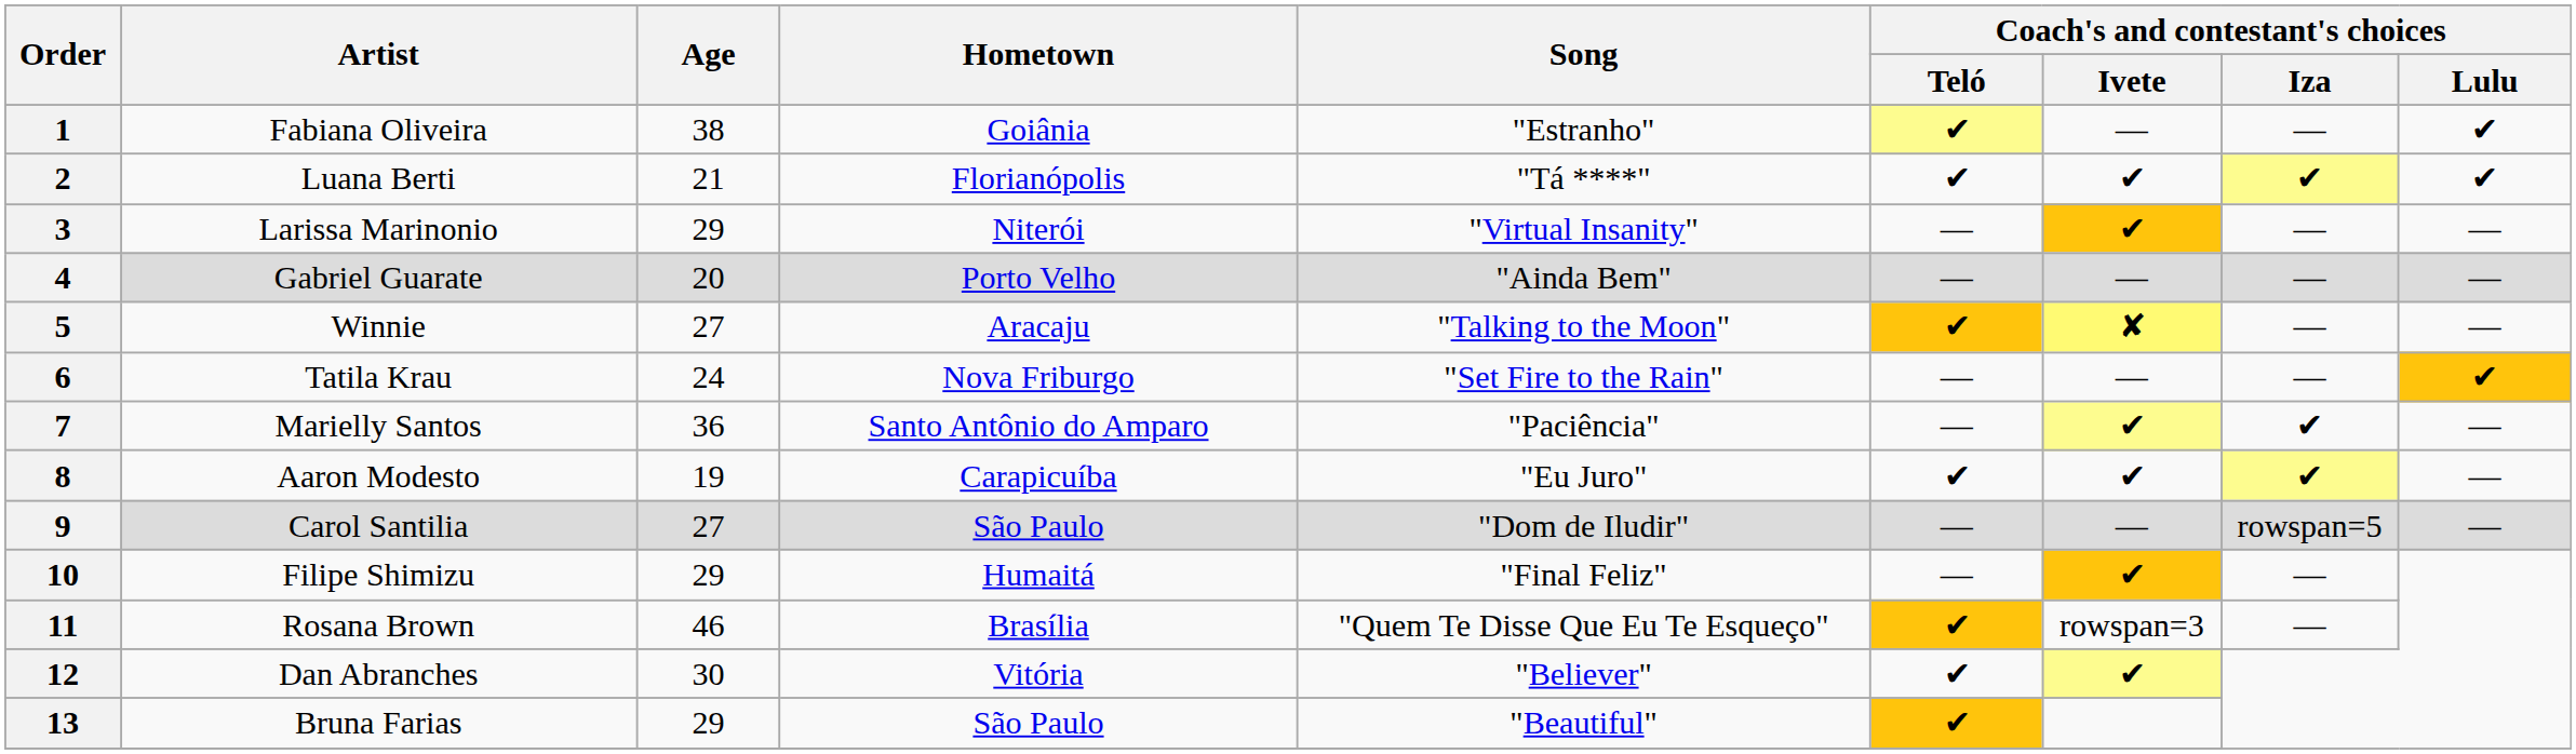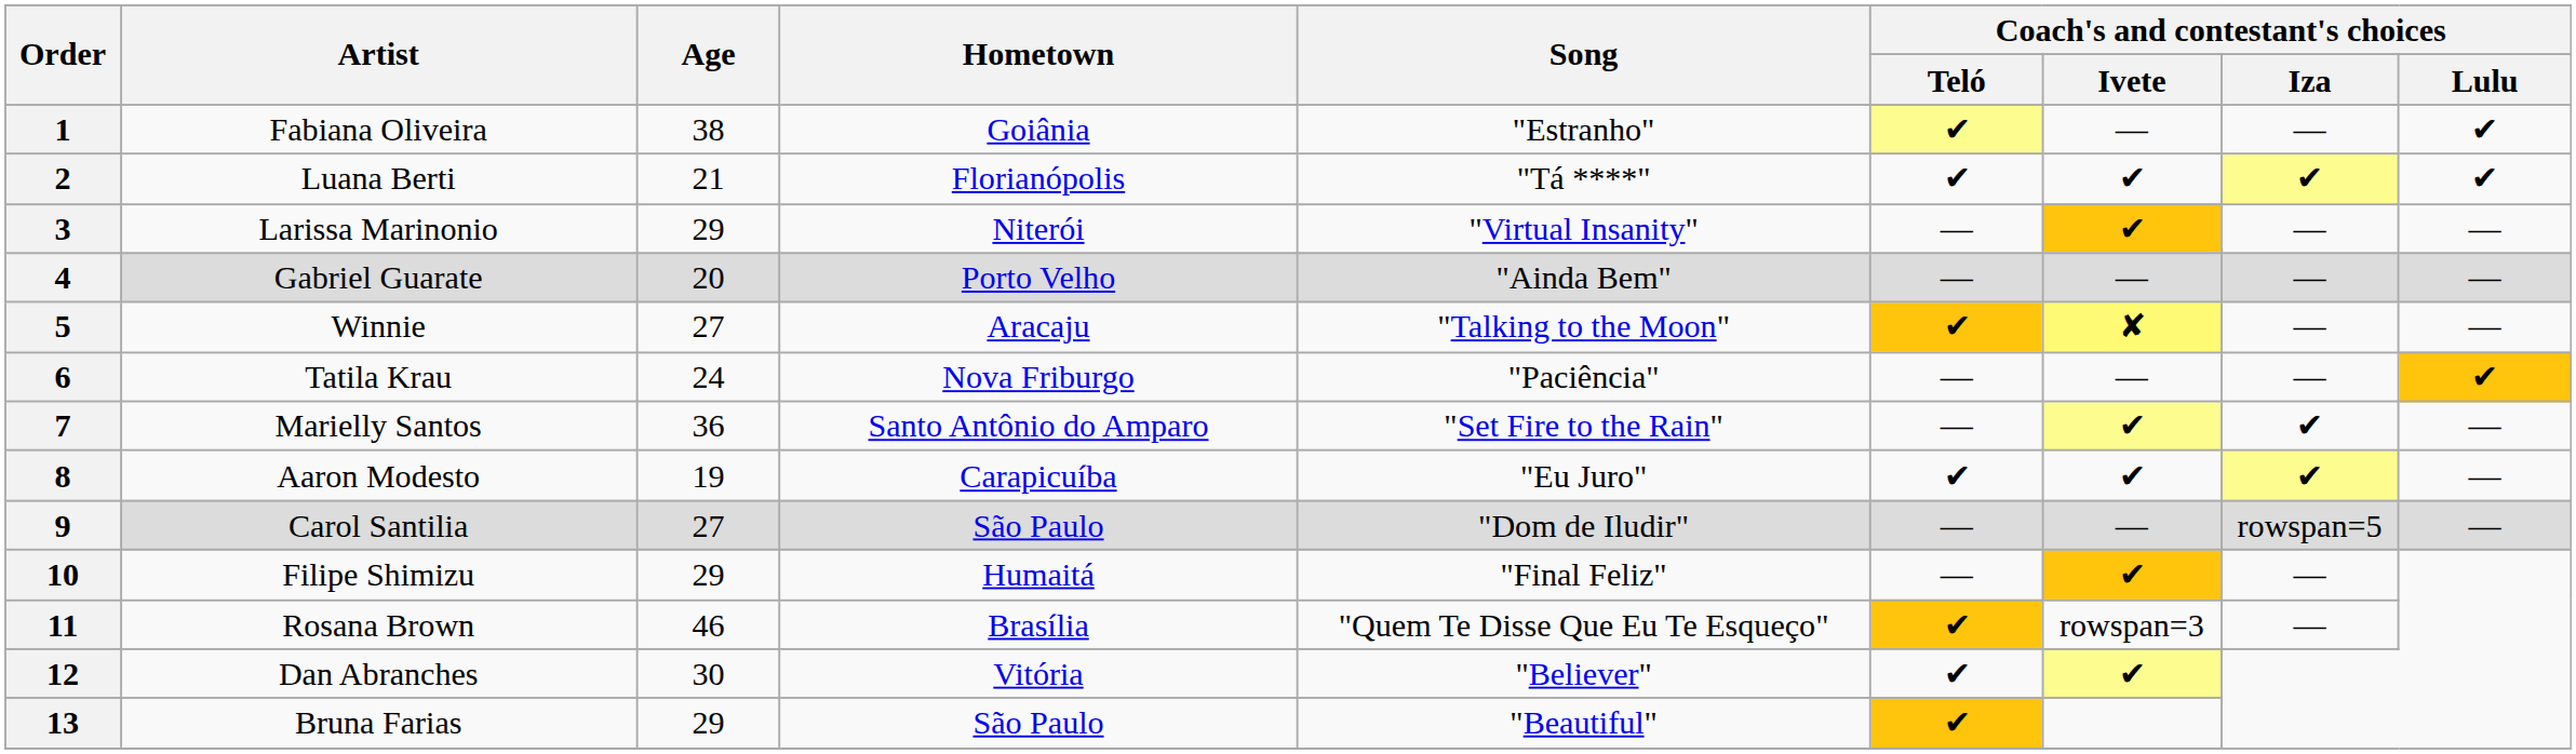 <table class="wikitable" style="text-align:center; line-height:17px; width:100%;">
 <tr>
 <th scope="col" rowspan=2 width="04%">Order</th>
 <th scope="col" rowspan=2 width="18%">Artist</th>
 <th scope="col" rowspan=2 width="05%">Age</th>
 <th scope="col" rowspan=2 width="18%">Hometown</th>
 <th scope="col" rowspan=2 width="20%">Song</th>
 <th scope="col" colspan=4 width="24%">Coach's and contestant's choices</th>
 </tr>
 <tr>
 <th width="6%">Teló</th>
 <th width="6%">Ivete</th>
 <th width="6%">Iza</th>
 <th width="6%">Lulu</th>
 </tr>
 <tr>
 <th>1</th>
 <td>Fabiana Oliveira</td>
 <td>38</td>
 <td><a href='#'>Goiânia</a></td>
 <td>"Estranho"</td>
 <td bgcolor=FDFC8F>✔</td>
 <td>—</td>
 <td>—</td>
 <td>✔</td>
 </tr>
 <tr>
 <th>2</th>
 <td>Luana Berti</td>
 <td>21</td>
 <td><a href='#'>Florianópolis</a></td>
 <td>"Tá ****"</td>
 <td>✔</td>
 <td>✔</td>
 <td bgcolor=FDFC8F>✔</td>
 <td>✔</td>
 </tr>
 <tr>
 <th>3</th>
 <td>Larissa Marinonio</td>
 <td>29</td>
 <td><a href='#'>Niterói</a></td>
 <td>"<a href='#'>Virtual Insanity</a>"</td>
 <td>—</td>
 <td bgcolor=FFC40C>✔</td>
 <td>—</td>
 <td>—</td>
 </tr>
 <tr bgcolor=DCDCDC>
 <th>4</th>
 <td>Gabriel Guarate</td>
 <td>20</td>
 <td><a href='#'>Porto Velho</a></td>
 <td>"Ainda Bem"</td>
 <td>—</td>
 <td>—</td>
 <td>—</td>
 <td>—</td>
 </tr>
 <tr>
 <th>5</th>
 <td>Winnie</td>
 <td>27</td>
 <td><a href='#'>Aracaju</a></td>
 <td>"<a href='#'>Talking to the Moon</a>"</td>
 <td bgcolor=FFC40C>✔</td>
 <td bgcolor=FFFA73>✘</td>
 <td>—</td>
 <td>—</td>
 </tr>
 <tr>
 <th>6</th>
 <td>Tatila Krau</td>
 <td>24</td>
 <td><a href='#'>Nova Friburgo</a></td>
-<td>"<a href='#'>Set Fire to the Rain</a>"</td>
+<td>"Paciência"</td>
 <td>—</td>
 <td>—</td>
 <td>—</td>
 <td bgcolor=FFC40C>✔</td>
 </tr>
 <tr>
 <th>7</th>
 <td>Marielly Santos</td>
 <td>36</td>
 <td><a href='#'>Santo Antônio do Amparo</a></td>
-<td>"Paciência"</td>
+<td>"<a href='#'>Set Fire to the Rain</a>"</td>
 <td>—</td>
 <td bgcolor=FDFC8F>✔</td>
 <td>✔</td>
 <td>—</td>
 </tr>
 <tr>
 <th>8</th>
 <td>Aaron Modesto</td>
 <td>19</td>
 <td><a href='#'>Carapicuíba</a></td>
 <td>"Eu Juro"</td>
 <td>✔</td>
 <td>✔</td>
 <td bgcolor=FDFC8F>✔</td>
 <td>—</td>
 </tr>
 <tr bgcolor=DCDCDC>
 <th>9</th>
 <td>Carol Santilia</td>
 <td>27</td>
 <td><a href='#'>São Paulo</a></td>
 <td>"Dom de Iludir"</td>
 <td>—</td>
 <td>—</td>
 <td>rowspan=5 </td>
 <td>—</td>
 </tr>
 <tr>
 <th>10</th>
 <td>Filipe Shimizu</td>
 <td>29</td>
 <td><a href='#'>Humaitá</a></td>
 <td>"Final Feliz"</td>
 <td>—</td>
 <td bgcolor=FFC40C>✔</td>
 <td>—</td>
 </tr>
 <tr>
 <th>11</th>
 <td>Rosana Brown</td>
 <td>46</td>
 <td><a href='#'>Brasília</a></td>
 <td>"Quem Te Disse Que Eu Te Esqueço"</td>
 <td bgcolor=FFC40C>✔</td>
 <td>rowspan=3 </td>
 <td>—</td>
 </tr>
 <tr>
 <th>12</th>
 <td>Dan Abranches</td>
 <td>30</td>
 <td><a href='#'>Vitória</a></td>
 <td>"<a href='#'>Believer</a>"</td>
 <td>✔</td>
 <td bgcolor=FDFC8F>✔</td>
 </tr>
 <tr>
 <th>13</th>
 <td>Bruna Farias</td>
 <td>29</td>
 <td><a href='#'>São Paulo</a></td>
 <td>"<a href='#'>Beautiful</a>"</td>
 <td bgcolor=FFC40C>✔</td>
 <td></td>
 </tr>
 <tr>
 </tr>
 </table>
